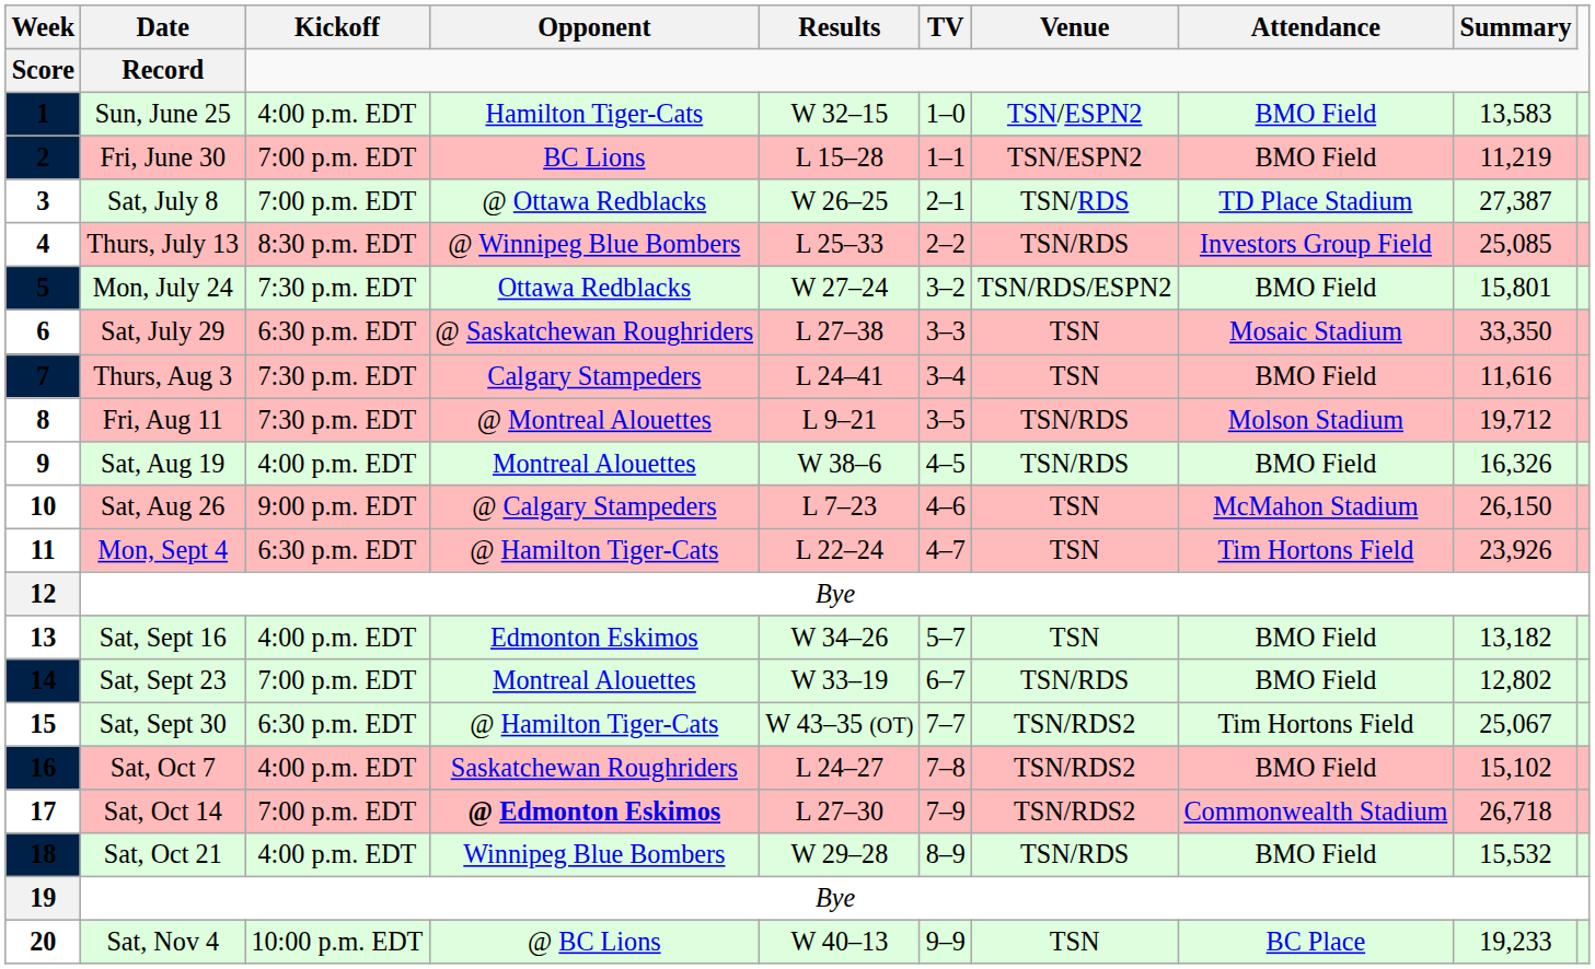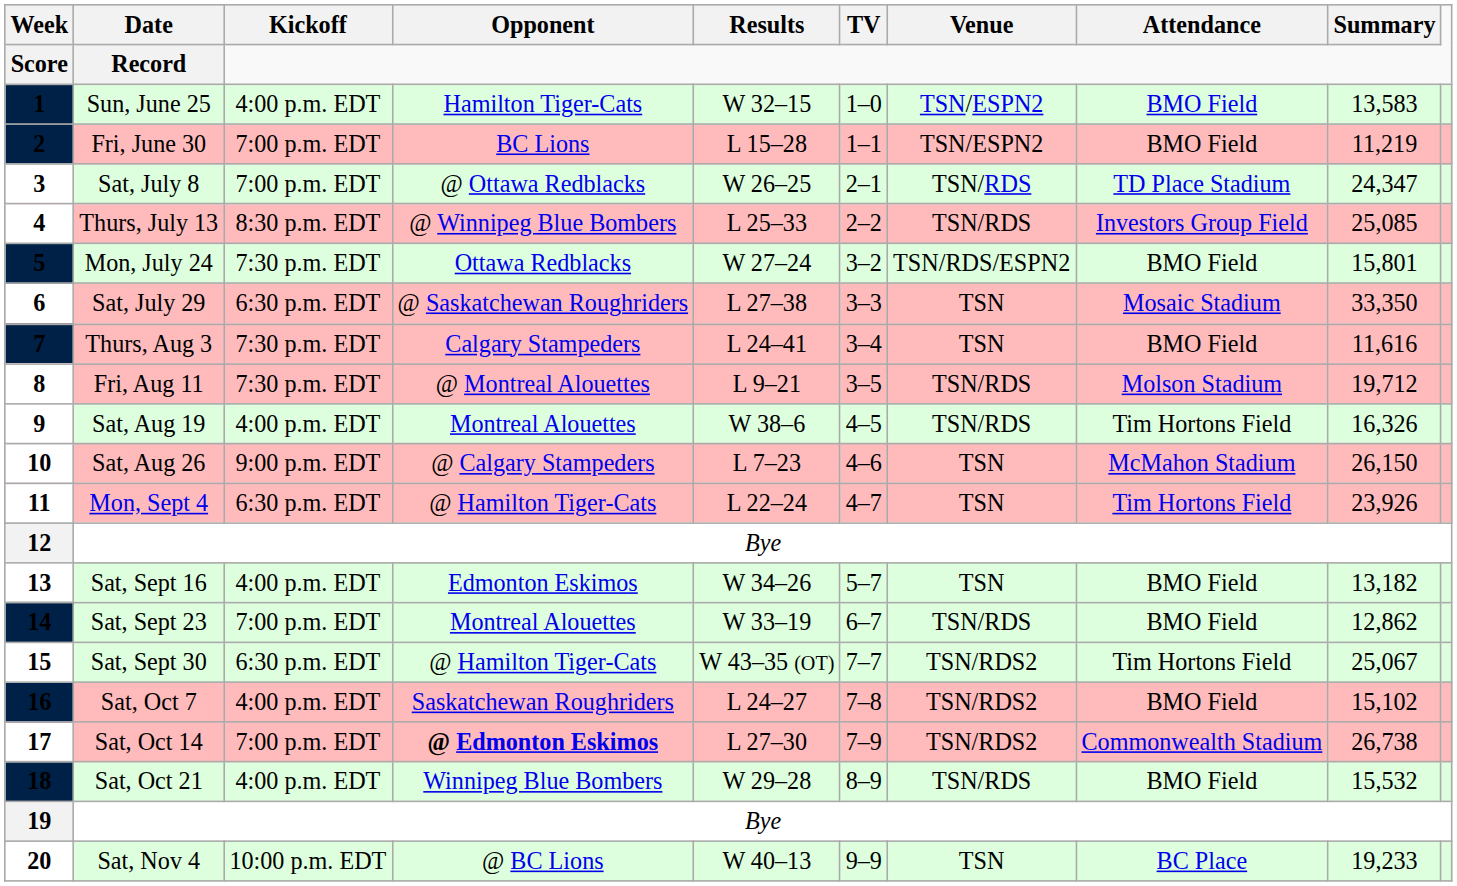 <table class="wikitable" style="font-size: 95%;">
 <tr>
 <th scope="col">Week</th>
 <th scope="col">Date</th>
 <th scope="col">Kickoff</th>
 <th scope="col">Opponent</th>
 <th scope="col">Results</th>
 <th scope="col">TV</th>
 <th scope="col">Venue</th>
 <th scope="col">Attendance</th>
 <th scope="col">Summary</th>
 </tr>
 <tr>
 <th scope="col">Score</th>
 <th scope="col">Record</th>
 </tr>
 <tr align="center" bgcolor="ddffdd">
 <th style="text-align:center; background:#002147;"><span>1</span></th>
 <td align="center">Sun, June 25</td>
 <td align="center">4:00 p.m. EDT</td>
 <td align="center"><a href='#'>Hamilton Tiger-Cats</a></td>
 <td align="center">W 32–15</td>
 <td align="center">1–0</td>
 <td align="center"><a href='#'>TSN</a>/<a href='#'>ESPN2</a></td>
 <td align="center"><a href='#'>BMO Field</a></td>
 <td align="center">13,583</td>
 <td align="center"></td>
 </tr>
 <tr align="center" bgcolor="ffbbbb">
 <th style="text-align:center; background:#002147;"><span>2</span></th>
 <td align="center">Fri, June 30</td>
 <td align="center">7:00 p.m. EDT</td>
 <td align="center"><a href='#'>BC Lions</a></td>
 <td align="center">L 15–28</td>
 <td align="center">1–1</td>
 <td align="center">TSN/ESPN2</td>
 <td align="center">BMO Field</td>
 <td align="center">11,219</td>
 <td align="center"></td>
 </tr>
 <tr align="center" bgcolor="ddffdd">
 <th style="text-align:center; background:white;"><span>3</span></th>
 <td align="center">Sat, July 8</td>
 <td align="center">7:00 p.m. EDT</td>
 <td align="center">@ <a href='#'>Ottawa Redblacks</a></td>
 <td align="center">W 26–25</td>
 <td align="center">2–1</td>
 <td align="center">TSN/<a href='#'>RDS</a></td>
 <td align="center"><a href='#'>TD Place Stadium</a></td>
-<td align="center">27,387</td>
+<td align="center">24,347</td>
 <td align="center"></td>
 </tr>
 <tr align="center" bgcolor="ffbbbb">
 <th style="text-align:center; background:white;"><span>4</span></th>
 <td align="center">Thurs, July 13</td>
 <td align="center">8:30 p.m. EDT</td>
 <td align="center">@ <a href='#'>Winnipeg Blue Bombers</a></td>
 <td align="center">L 25–33</td>
 <td align="center">2–2</td>
 <td align="center">TSN/RDS</td>
 <td align="center"><a href='#'>Investors Group Field</a></td>
 <td align="center">25,085</td>
 <td align="center"></td>
 </tr>
 <tr align="center" bgcolor="ddffdd">
 <th style="text-align:center; background:#002147;"><span>5</span></th>
 <td align="center">Mon, July 24</td>
 <td align="center">7:30 p.m. EDT</td>
 <td align="center"><a href='#'>Ottawa Redblacks</a></td>
 <td align="center">W 27–24</td>
 <td align="center">3–2</td>
 <td align="center">TSN/RDS/ESPN2</td>
 <td align="center">BMO Field</td>
 <td align="center">15,801</td>
 <td align="center"></td>
 </tr>
 <tr align="center" bgcolor="ffbbbb">
 <th style="text-align:center; background:white;"><span>6</span></th>
 <td align="center">Sat, July 29</td>
 <td align="center">6:30 p.m. EDT</td>
 <td align="center">@ <a href='#'>Saskatchewan Roughriders</a></td>
 <td align="center">L 27–38</td>
 <td align="center">3–3</td>
 <td align="center">TSN</td>
 <td align="center"><a href='#'>Mosaic Stadium</a></td>
 <td align="center">33,350</td>
 <td align="center"></td>
 </tr>
 <tr align="center" bgcolor="ffbbbb">
 <th style="text-align:center; background:#002147;"><span>7</span></th>
 <td align="center">Thurs, Aug 3</td>
 <td align="center">7:30 p.m. EDT</td>
 <td align="center"><a href='#'>Calgary Stampeders</a></td>
 <td align="center">L 24–41</td>
 <td align="center">3–4</td>
 <td align="center">TSN</td>
 <td align="center">BMO Field</td>
 <td align="center">11,616</td>
 <td align="center"></td>
 </tr>
 <tr align="center" bgcolor="ffbbbb">
 <th style="text-align:center; background:white;"><span>8</span></th>
 <td align="center">Fri, Aug 11</td>
 <td align="center">7:30 p.m. EDT</td>
 <td align="center">@ <a href='#'>Montreal Alouettes</a></td>
 <td align="center">L 9–21</td>
 <td align="center">3–5</td>
 <td align="center">TSN/RDS</td>
 <td align="center"><a href='#'>Molson Stadium</a></td>
 <td align="center">19,712</td>
 <td align="center"></td>
 </tr>
 <tr align="center" bgcolor="ddffdd">
 <th style="text-align:center; background:white;"><span>9</span></th>
 <td align="center">Sat, Aug 19</td>
 <td align="center">4:00 p.m. EDT</td>
 <td align="center"><a href='#'>Montreal Alouettes</a></td>
 <td align="center">W 38–6</td>
 <td align="center">4–5</td>
 <td align="center">TSN/RDS</td>
-<td align="center">BMO Field</td>
+<td align="center">Tim Hortons Field</td>
 <td align="center">16,326</td>
 <td align="center"></td>
 </tr>
 <tr align="center" bgcolor="ffbbbb">
 <th style="text-align:center; background:white;"><span>10</span></th>
 <td align="center">Sat, Aug 26</td>
 <td align="center">9:00 p.m. EDT</td>
 <td align="center">@ <a href='#'>Calgary Stampeders</a></td>
 <td align="center">L 7–23</td>
 <td align="center">4–6</td>
 <td align="center">TSN</td>
 <td align="center"><a href='#'>McMahon Stadium</a></td>
 <td align="center">26,150</td>
 <td align="center"></td>
 </tr>
 <tr align="center" bgcolor="ffbbbb">
 <th style="text-align:center; background:white;"><span>11</span></th>
 <td align="center"><a href='#'>Mon, Sept 4</a></td>
 <td align="center">6:30 p.m. EDT</td>
 <td align="center">@ <a href='#'>Hamilton Tiger-Cats</a></td>
 <td align="center">L 22–24</td>
 <td align="center">4–7</td>
 <td align="center">TSN</td>
 <td align="center"><a href='#'>Tim Hortons Field</a></td>
 <td align="center">23,926</td>
 <td align="center"></td>
 </tr>
 <tr align="center" bgcolor="ffffff">
 <th align="center">12</th>
 <td colspan=9 align="center" valign="middle"><em>Bye</em></td>
 </tr>
 <tr align="center" bgcolor="ddffdd">
 <th style="text-align:center; background:white;"><span>13</span></th>
 <td align="center">Sat, Sept 16</td>
 <td align="center">4:00 p.m. EDT</td>
 <td align="center"><a href='#'>Edmonton Eskimos</a></td>
 <td align="center">W 34–26</td>
 <td align="center">5–7</td>
 <td align="center">TSN</td>
 <td align="center">BMO Field</td>
 <td align="center">13,182</td>
 <td align="center"></td>
 </tr>
 <tr align="center" bgcolor="ddffdd">
 <th style="text-align:center; background:#002147;"><span>14</span></th>
 <td align="center">Sat, Sept 23</td>
 <td align="center">7:00 p.m. EDT</td>
 <td align="center"><a href='#'>Montreal Alouettes</a></td>
 <td align="center">W 33–19</td>
 <td align="center">6–7</td>
 <td align="center">TSN/RDS</td>
 <td align="center">BMO Field</td>
-<td align="center">12,802</td>
+<td align="center">12,862</td>
 <td align="center"></td>
 </tr>
 <tr align="center" bgcolor="ddffdd">
 <th style="text-align:center; background:white;"><span>15</span></th>
 <td align="center">Sat, Sept 30</td>
 <td align="center">6:30 p.m. EDT</td>
 <td align="center">@ <a href='#'>Hamilton Tiger-Cats</a></td>
 <td align="center">W 43–35 <small>(OT)</small></td>
 <td align="center">7–7</td>
 <td align="center">TSN/RDS2</td>
 <td align="center">Tim Hortons Field</td>
 <td align="center">25,067</td>
 <td align="center"></td>
 </tr>
 <tr align="center" bgcolor="ffbbbb">
 <th style="text-align:center; background:#002147;"><span>16</span></th>
 <td align="center">Sat, Oct 7</td>
 <td align="center">4:00 p.m. EDT</td>
 <td align="center"><a href='#'>Saskatchewan Roughriders</a></td>
 <td align="center">L 24–27</td>
 <td align="center">7–8</td>
 <td align="center">TSN/RDS2</td>
 <td align="center">BMO Field</td>
 <td align="center">15,102</td>
 <td align="center"></td>
 </tr>
 <tr align="center" bgcolor="ffbbbb">
 <th style="text-align:center; background:white;"><span>17</span></th>
 <td align="center">Sat, Oct 14</td>
 <td align="center">7:00 p.m. EDT</td>
 <td align="center"><strong>@ <a href='#'>Edmonton Eskimos</a></strong></td>
 <td align="center">L 27–30</td>
 <td align="center">7–9</td>
 <td align="center">TSN/RDS2</td>
 <td align="center"><a href='#'>Commonwealth Stadium</a></td>
-<td align="center">26,718</td>
+<td align="center">26,738</td>
 <td align="center"></td>
 </tr>
 <tr align="center" bgcolor="ddffdd">
 <th style="text-align:center; background:#002147;"><span>18</span></th>
 <td align="center">Sat, Oct 21</td>
 <td align="center">4:00 p.m. EDT</td>
 <td align="center"><a href='#'>Winnipeg Blue Bombers</a></td>
 <td align="center">W 29–28</td>
 <td align="center">8–9</td>
 <td align="center">TSN/RDS</td>
 <td align="center">BMO Field</td>
 <td align="center">15,532</td>
 <td align="center"></td>
 </tr>
 <tr align="center" bgcolor="ffffff">
 <th align="center">19</th>
 <td colspan=9 align="center" valign="middle"><em>Bye</em></td>
 </tr>
 <tr align="center" bgcolor="ddffdd">
 <th style="text-align:center; background:white;"><span>20</span></th>
 <td align="center">Sat, Nov 4</td>
 <td align="center">10:00 p.m. EDT</td>
 <td align="center">@ <a href='#'>BC Lions</a></td>
 <td align="center">W 40–13</td>
 <td align="center">9–9</td>
 <td align="center">TSN</td>
 <td align="center"><a href='#'>BC Place</a></td>
 <td align="center">19,233</td>
 <td align="center"></td>
 </tr>
 </table>
